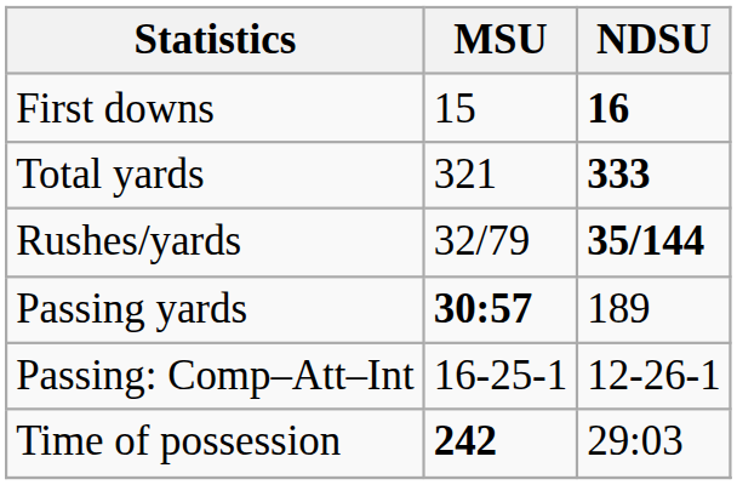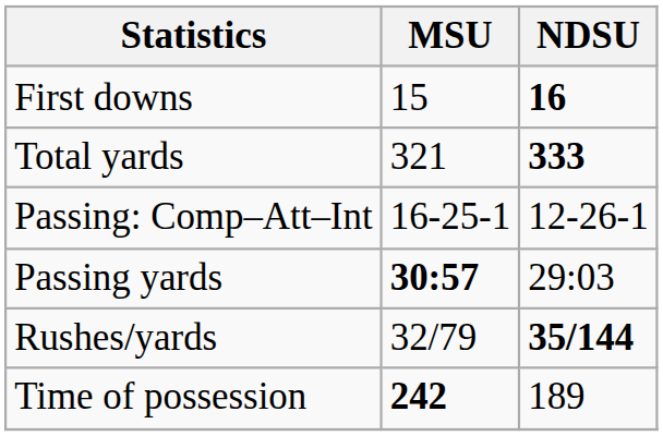 <table class="wikitable" style="float: left;">
 <tr>
 <th>Statistics</th>
 <th>MSU</th>
 <th>NDSU</th>
 </tr>
 <tr>
 <td>First downs</td>
 <td>15</td>
 <td><strong>16</strong></td>
 </tr>
 <tr>
 <td>Total yards</td>
 <td>321</td>
 <td><strong>333</strong></td>
 </tr>
 <tr>
+<td>Passing: Comp–Att–Int</td>
+<td>16-25-1</td>
+<td>12-26-1</td>
+</tr>
+<tr>
+<td>Passing yards</td>
+<td><strong>30:57</strong></td>
+<td>29:03</td>
+</tr>
+<tr>
 <td>Rushes/yards</td>
 <td>32/79</td>
 <td><strong>35/144</strong></td>
 </tr>
 <tr>
-<td>Passing yards</td>
-<td><strong>30:57</strong></td>
-<td>189</td>
-</tr>
-<tr>
-<td>Passing: Comp–Att–Int</td>
-<td>16-25-1</td>
-<td>12-26-1</td>
-</tr>
-<tr>
 <td>Time of possession</td>
 <td><strong>242</strong></td>
-<td>29:03</td>
+<td>189</td>
 </tr>
 <tr>
 </tr>
 </table>
